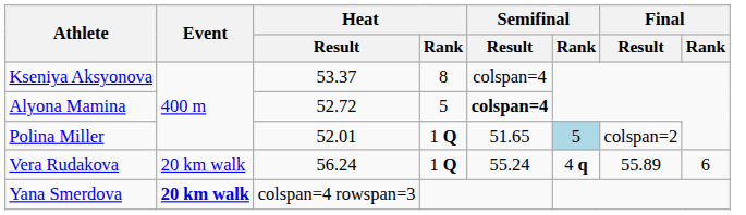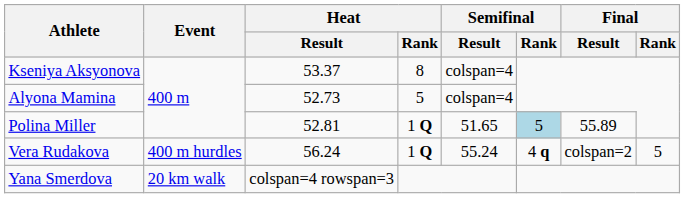 <table class="wikitable" style="font-size:90%">
 <tr>
 <th rowspan=2>Athlete</th>
 <th rowspan=2>Event</th>
 <th colspan=2>Heat</th>
 <th colspan=2>Semifinal</th>
 <th colspan=2>Final</th>
 </tr>
 <tr style="font-size:95%">
 <th>Result</th>
 <th>Rank</th>
 <th>Result</th>
 <th>Rank</th>
 <th>Result</th>
 <th>Rank</th>
 </tr>
 <tr align=center>
 <td align=left><a href='#'>Kseniya Aksyonova</a></td>
 <td rowspan=3 align=left><a href='#'>400 m</a></td>
 <td>53.37</td>
 <td>8</td>
 <td>colspan=4 </td>
 </tr>
 <tr align=center>
 <td align=left><a href='#'>Alyona Mamina</a></td>
-<td>52.72</td>
+<td>52.73</td>
 <td>5</td>
-<td><strong>colspan=4 </strong></td>
+<td>colspan=4 </td>
 </tr>
 <tr align=center>
 <td align=left><a href='#'>Polina Miller</a></td>
-<td>52.01</td>
+<td>52.81</td>
 <td>1 <strong>Q</strong></td>
 <td>51.65</td>
 <td style="background: lightblue;">5</td>
-<td>colspan=2 </td>
+<td>55.89</td>
 </tr>
 <tr align=center>
 <td align=left><a href='#'>Vera Rudakova</a></td>
-<td align=left><a href='#'>20 km walk</a></td>
+<td><a href='#'>400 m hurdles</a></td>
 <td>56.24</td>
 <td>1 <strong>Q</strong></td>
 <td>55.24</td>
 <td>4 <strong>q</strong></td>
-<td>55.89</td>
-<td>6</td>
+<td>colspan=2 </td>
+<td>5</td>
 </tr>
 <tr align=center>
 <td align=left><a href='#'>Yana Smerdova</a></td>
-<td align=left><strong><a href='#'>20 km walk</a></strong></td>
+<td align=left><a href='#'>20 km walk</a></td>
 <td>colspan=4 rowspan=3 </td>
 <td colspan=2></td>
 </tr>
 </table>
